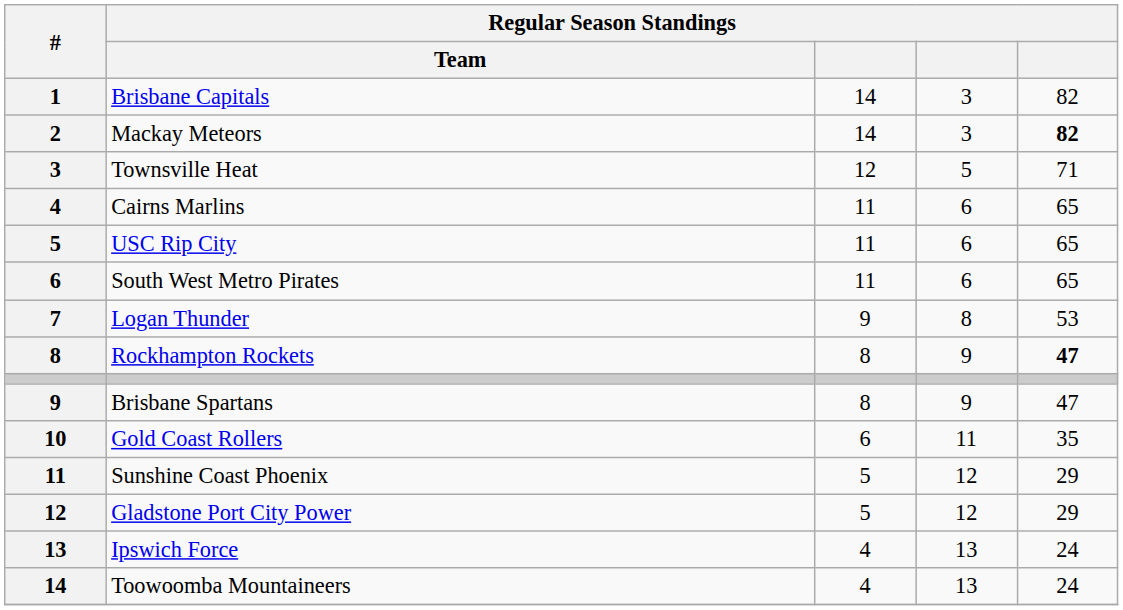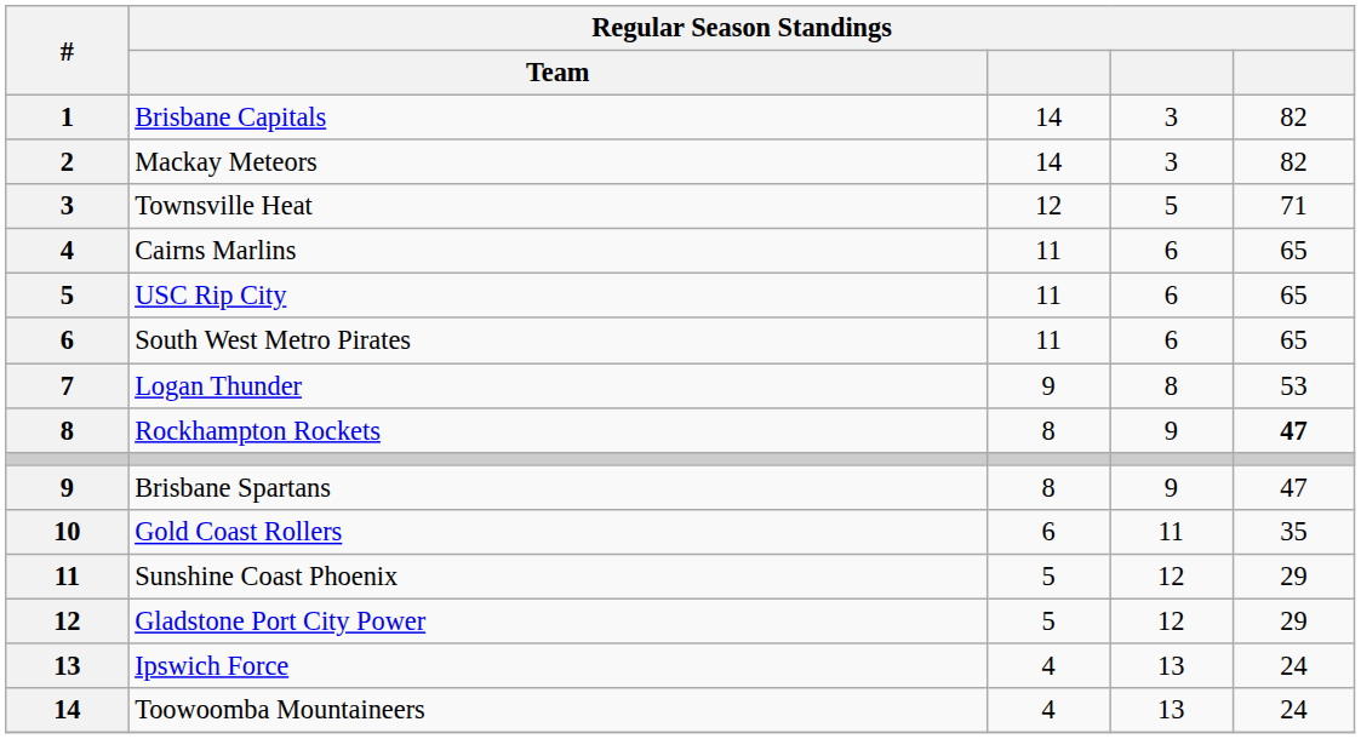 <table class="wikitable" width="60%" style="font-size:95%; text-align:center">
 <tr>
 <th width="5%" rowspan=2>#</th>
 <th colspan="5" align="center"><strong>Regular Season Standings</strong></th>
 </tr>
 <tr>
 <th width="35%">Team</th>
 <th width="5%"></th>
 <th width="5%"></th>
 <th width="5%"></th>
 </tr>
 <tr>
 <th>1</th>
 <td align=left><a href='#'>Brisbane Capitals</a></td>
 <td>14</td>
 <td>3</td>
 <td>82</td>
 </tr>
 <tr>
 <th>2</th>
 <td align=left>Mackay Meteors</td>
 <td>14</td>
 <td>3</td>
-<td><strong>82</strong></td>
+<td>82</td>
 </tr>
 <tr>
 <th>3</th>
 <td align=left>Townsville Heat</td>
 <td>12</td>
 <td>5</td>
 <td>71</td>
 </tr>
 <tr>
 <th>4</th>
 <td align=left>Cairns Marlins</td>
 <td>11</td>
 <td>6</td>
 <td>65</td>
 </tr>
 <tr>
 <th>5</th>
 <td align=left><a href='#'>USC Rip City</a></td>
 <td>11</td>
 <td>6</td>
 <td>65</td>
 </tr>
 <tr>
 <th>6</th>
 <td align=left>South West Metro Pirates</td>
 <td>11</td>
 <td>6</td>
 <td>65</td>
 </tr>
 <tr>
 <th>7</th>
 <td align=left><a href='#'>Logan Thunder</a></td>
 <td>9</td>
 <td>8</td>
 <td>53</td>
 </tr>
 <tr>
 <th>8</th>
 <td align=left><a href='#'>Rockhampton Rockets</a></td>
 <td>8</td>
 <td>9</td>
 <td><strong>47</strong></td>
 </tr>
 <tr bgcolor="#cccccc">
 <td></td>
 <td></td>
 <td></td>
 <td></td>
 <td></td>
 </tr>
 <tr>
 <th>9</th>
 <td align=left>Brisbane Spartans</td>
 <td>8</td>
 <td>9</td>
 <td>47</td>
 </tr>
 <tr>
 <th>10</th>
 <td align=left><a href='#'>Gold Coast Rollers</a></td>
 <td>6</td>
 <td>11</td>
 <td>35</td>
 </tr>
 <tr>
 <th>11</th>
 <td align=left>Sunshine Coast Phoenix</td>
 <td>5</td>
 <td>12</td>
 <td>29</td>
 </tr>
 <tr>
 <th>12</th>
 <td align=left><a href='#'>Gladstone Port City Power</a></td>
 <td>5</td>
 <td>12</td>
 <td>29</td>
 </tr>
 <tr>
 <th>13</th>
 <td align=left><a href='#'>Ipswich Force</a></td>
 <td>4</td>
 <td>13</td>
 <td>24</td>
 </tr>
 <tr>
 <th>14</th>
 <td align=left>Toowoomba Mountaineers</td>
 <td>4</td>
 <td>13</td>
 <td>24</td>
 </tr>
 <tr>
 </tr>
 </table>
